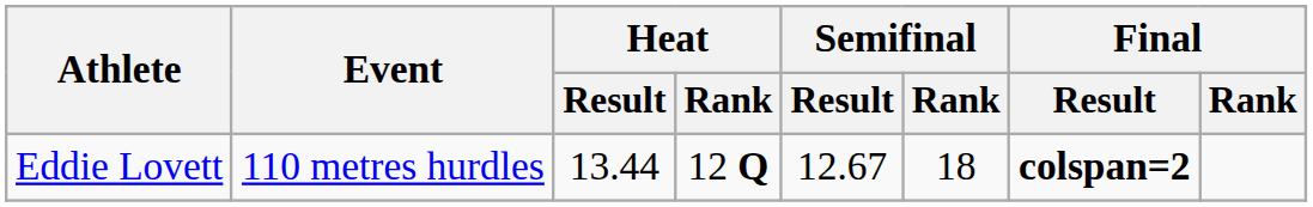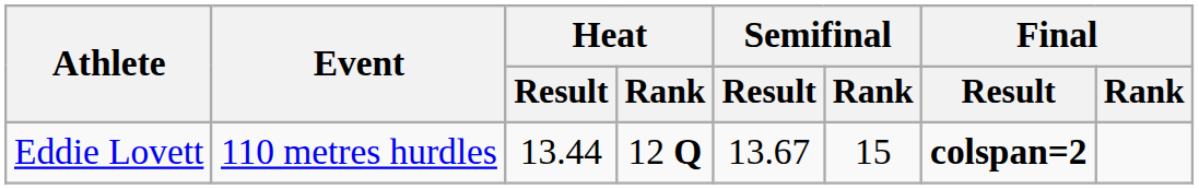 <table class=wikitable style=font-size:90%>
 <tr>
 <th rowspan=2>Athlete</th>
 <th rowspan=2>Event</th>
 <th colspan=2>Heat</th>
 <th colspan=2>Semifinal</th>
 <th colspan=2>Final</th>
 </tr>
 <tr style=font-size:95%>
 <th>Result</th>
 <th>Rank</th>
 <th>Result</th>
 <th>Rank</th>
 <th>Result</th>
 <th>Rank</th>
 </tr>
 <tr align=center>
 <td align=left><a href='#'>Eddie Lovett</a></td>
 <td align=left><a href='#'>110 metres hurdles</a></td>
 <td>13.44 <strong></strong></td>
 <td>12 <strong>Q</strong></td>
-<td>12.67</td>
-<td>18</td>
+<td>13.67</td>
+<td>15</td>
 <td><strong>colspan=2 </strong></td>
 </tr>
 </table>
